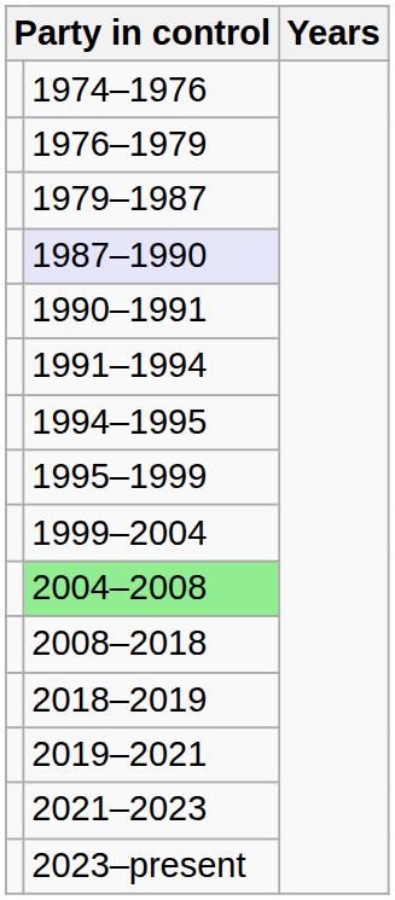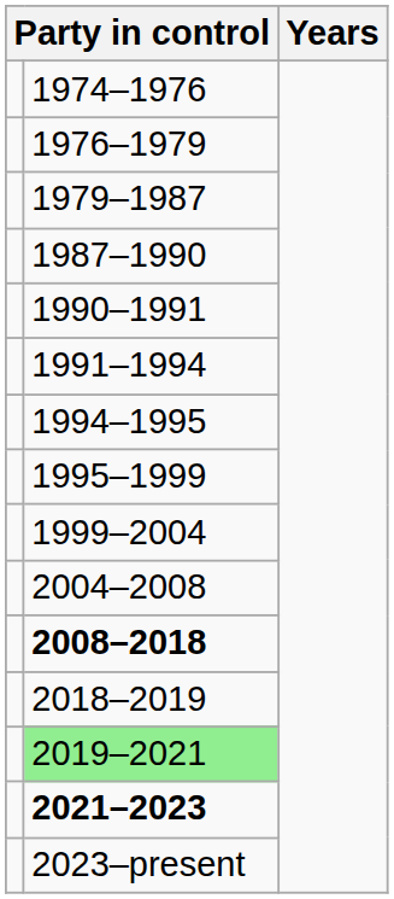 <table class="wikitable">
 <tr>
 <th colspan=2>Party in control</th>
 <th>Years</th>
 </tr>
 <tr>
 <td></td>
 <td>1974–1976</td>
 </tr>
 <tr>
 <td></td>
 <td>1976–1979</td>
 </tr>
 <tr>
 <td></td>
 <td>1979–1987</td>
 </tr>
 <tr>
 <td></td>
-<td style="background: lavender;">1987–1990</td>
+<td>1987–1990</td>
 </tr>
 <tr>
 <td></td>
 <td>1990–1991</td>
 </tr>
 <tr>
 <td></td>
 <td>1991–1994</td>
 </tr>
 <tr>
 <td></td>
 <td>1994–1995</td>
 </tr>
 <tr>
 <td></td>
 <td>1995–1999</td>
 </tr>
 <tr>
 <td></td>
 <td>1999–2004</td>
 </tr>
 <tr>
 <td></td>
-<td style="background: lightgreen;">2004–2008</td>
+<td>2004–2008</td>
 </tr>
 <tr>
 <td></td>
-<td>2008–2018</td>
+<td><strong>2008–2018</strong></td>
 </tr>
 <tr>
 <td></td>
 <td>2018–2019</td>
 </tr>
 <tr>
 <td></td>
-<td>2019–2021</td>
+<td style="background: lightgreen;">2019–2021</td>
 </tr>
 <tr>
 <td></td>
-<td>2021–2023</td>
+<td><strong>2021–2023</strong></td>
 </tr>
 <tr>
 <td></td>
 <td>2023–present</td>
 </tr>
 </table>
